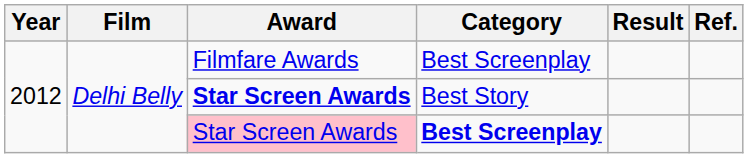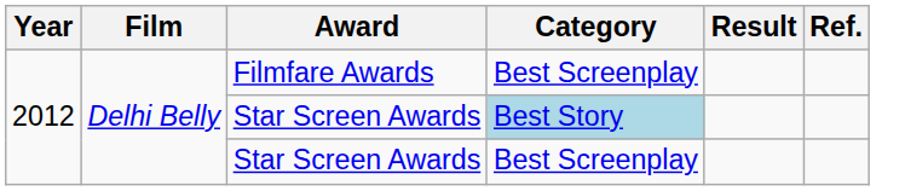 <table class="wikitable">
 <tr>
 <th>Year</th>
 <th>Film</th>
 <th>Award</th>
 <th>Category</th>
 <th>Result</th>
 <th>Ref.</th>
 </tr>
 <tr>
 <td rowspan="3">2012</td>
 <td rowspan="3"><em><a href='#'>Delhi Belly</a></em></td>
 <td><a href='#'>Filmfare Awards</a></td>
 <td><a href='#'>Best Screenplay</a></td>
 <td></td>
 <td></td>
 </tr>
 <tr>
-<td><strong><a href='#'>Star Screen Awards</a></strong></td>
-<td><a href='#'>Best Story</a></td>
+<td><a href='#'>Star Screen Awards</a></td>
+<td style="background: lightblue;"><a href='#'>Best Story</a></td>
 <td></td>
 <td></td>
 </tr>
 <tr>
-<td style="background: pink;"><a href='#'>Star Screen Awards</a></td>
-<td><strong><a href='#'>Best Screenplay</a></strong></td>
+<td><a href='#'>Star Screen Awards</a></td>
+<td><a href='#'>Best Screenplay</a></td>
 <td></td>
 <td></td>
 </tr>
 </table>
